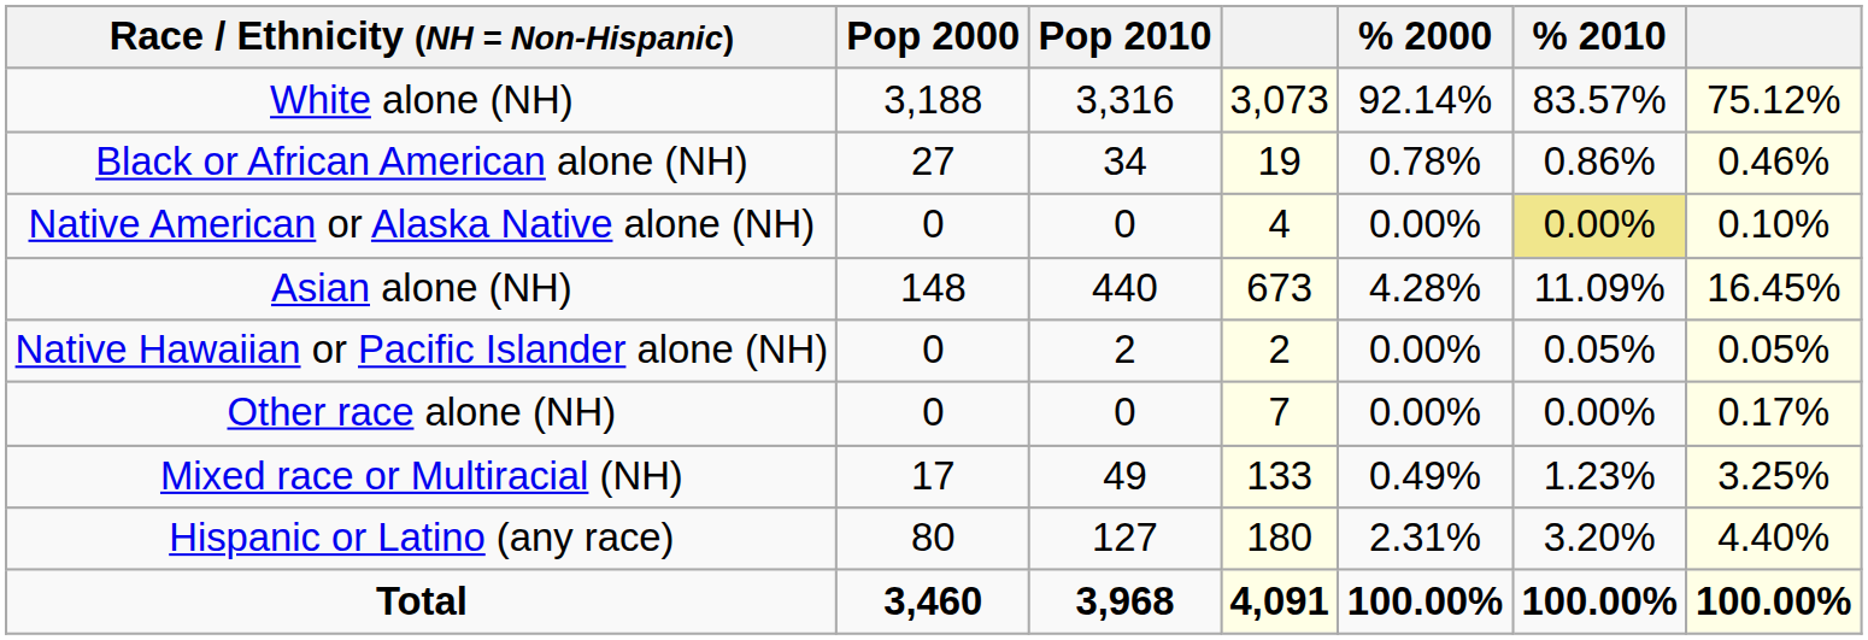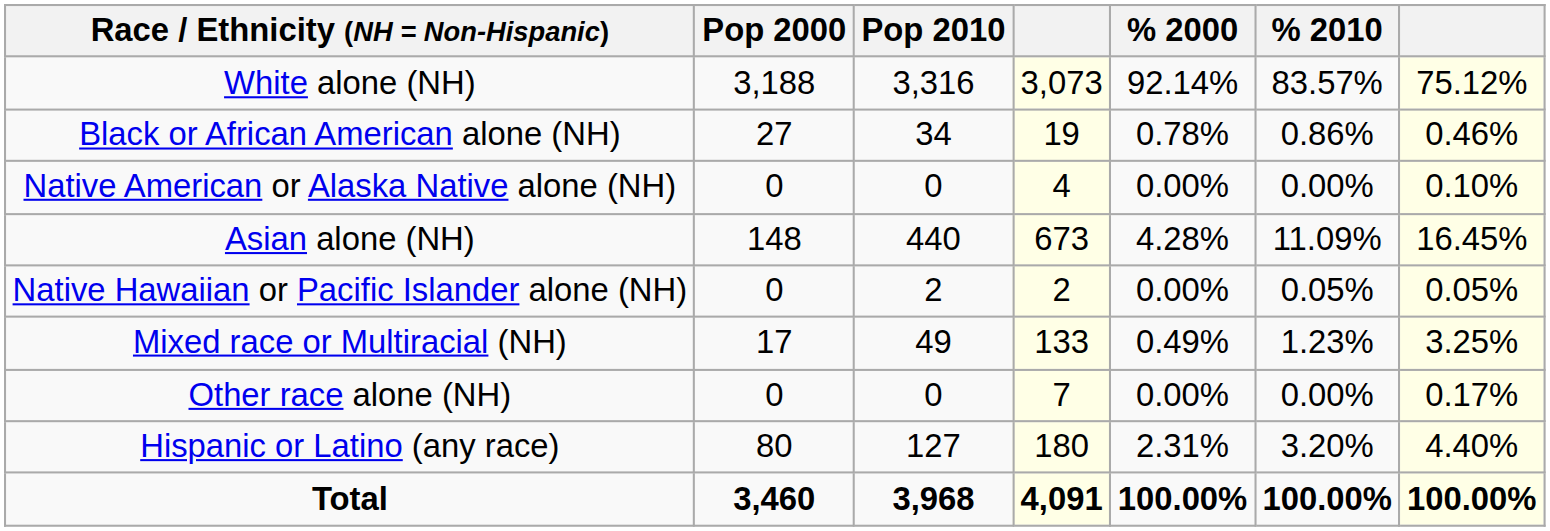 <table class="wikitable" style="text-align:center;">
 <tr>
 <th>Race / Ethnicity <small>(<em>NH = Non-Hispanic</em>)</small></th>
 <th>Pop 2000</th>
 <th>Pop 2010</th>
 <th></th>
 <th>% 2000</th>
 <th>% 2010</th>
 <th></th>
 </tr>
 <tr>
 <td><a href='#'>White</a> alone (NH)</td>
 <td>3,188</td>
 <td>3,316</td>
 <td style='background: #ffffe6;'>3,073</td>
 <td>92.14%</td>
 <td>83.57%</td>
 <td style='background: #ffffe6;'>75.12%</td>
 </tr>
 <tr>
 <td><a href='#'>Black or African American</a> alone (NH)</td>
 <td>27</td>
 <td>34</td>
 <td style='background: #ffffe6;'>19</td>
 <td>0.78%</td>
 <td>0.86%</td>
 <td style='background: #ffffe6;'>0.46%</td>
 </tr>
 <tr>
 <td><a href='#'>Native American</a> or <a href='#'>Alaska Native</a> alone (NH)</td>
 <td>0</td>
 <td>0</td>
 <td style='background: #ffffe6;'>4</td>
 <td>0.00%</td>
-<td style="background: khaki;">0.00%</td>
+<td>0.00%</td>
 <td style='background: #ffffe6;'>0.10%</td>
 </tr>
 <tr>
 <td><a href='#'>Asian</a> alone (NH)</td>
 <td>148</td>
 <td>440</td>
 <td style='background: #ffffe6;'>673</td>
 <td>4.28%</td>
 <td>11.09%</td>
 <td style='background: #ffffe6;'>16.45%</td>
 </tr>
 <tr>
 <td><a href='#'>Native Hawaiian</a> or <a href='#'>Pacific Islander</a> alone (NH)</td>
 <td>0</td>
 <td>2</td>
 <td style='background: #ffffe6;'>2</td>
 <td>0.00%</td>
 <td>0.05%</td>
 <td style='background: #ffffe6;'>0.05%</td>
 </tr>
 <tr>
+<td><a href='#'>Mixed race or Multiracial</a> (NH)</td>
+<td>17</td>
+<td>49</td>
+<td style='background: #ffffe6;'>133</td>
+<td>0.49%</td>
+<td>1.23%</td>
+<td style='background: #ffffe6;'>3.25%</td>
+</tr>
+<tr>
 <td><a href='#'>Other race</a> alone (NH)</td>
 <td>0</td>
 <td>0</td>
 <td style='background: #ffffe6;'>7</td>
 <td>0.00%</td>
 <td>0.00%</td>
 <td style='background: #ffffe6;'>0.17%</td>
-</tr>
-<tr>
-<td><a href='#'>Mixed race or Multiracial</a> (NH)</td>
-<td>17</td>
-<td>49</td>
-<td style='background: #ffffe6;'>133</td>
-<td>0.49%</td>
-<td>1.23%</td>
-<td style='background: #ffffe6;'>3.25%</td>
 </tr>
 <tr>
 <td><a href='#'>Hispanic or Latino</a> (any race)</td>
 <td>80</td>
 <td>127</td>
 <td style='background: #ffffe6;'>180</td>
 <td>2.31%</td>
 <td>3.20%</td>
 <td style='background: #ffffe6;'>4.40%</td>
 </tr>
 <tr>
 <td><strong>Total</strong></td>
 <td><strong>3,460</strong></td>
 <td><strong>3,968</strong></td>
 <td style='background: #ffffe6;'><strong>4,091</strong></td>
 <td><strong>100.00%</strong></td>
 <td><strong>100.00%</strong></td>
 <td style='background: #ffffe6;'><strong>100.00%</strong></td>
 </tr>
 </table>
